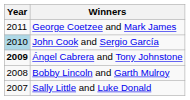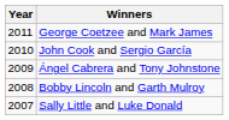 <table class=wikitable>
 <tr>
 <th>Year</th>
 <th>Winners</th>
 </tr>
 <tr>
 <td>2011</td>
 <td><a href='#'>George Coetzee</a> and <a href='#'>Mark James</a></td>
 </tr>
 <tr>
-<td style="background: lightblue;">2010</td>
+<td>2010</td>
 <td><a href='#'>John Cook</a> and <a href='#'>Sergio García</a></td>
 </tr>
 <tr>
-<td><strong>2009</strong></td>
+<td>2009</td>
 <td><a href='#'>Ángel Cabrera</a> and <a href='#'>Tony Johnstone</a></td>
 </tr>
 <tr>
 <td>2008</td>
 <td><a href='#'>Bobby Lincoln</a> and <a href='#'>Garth Mulroy</a></td>
 </tr>
 <tr>
 <td>2007</td>
 <td><a href='#'>Sally Little</a> and <a href='#'>Luke Donald</a></td>
 </tr>
 </table>
